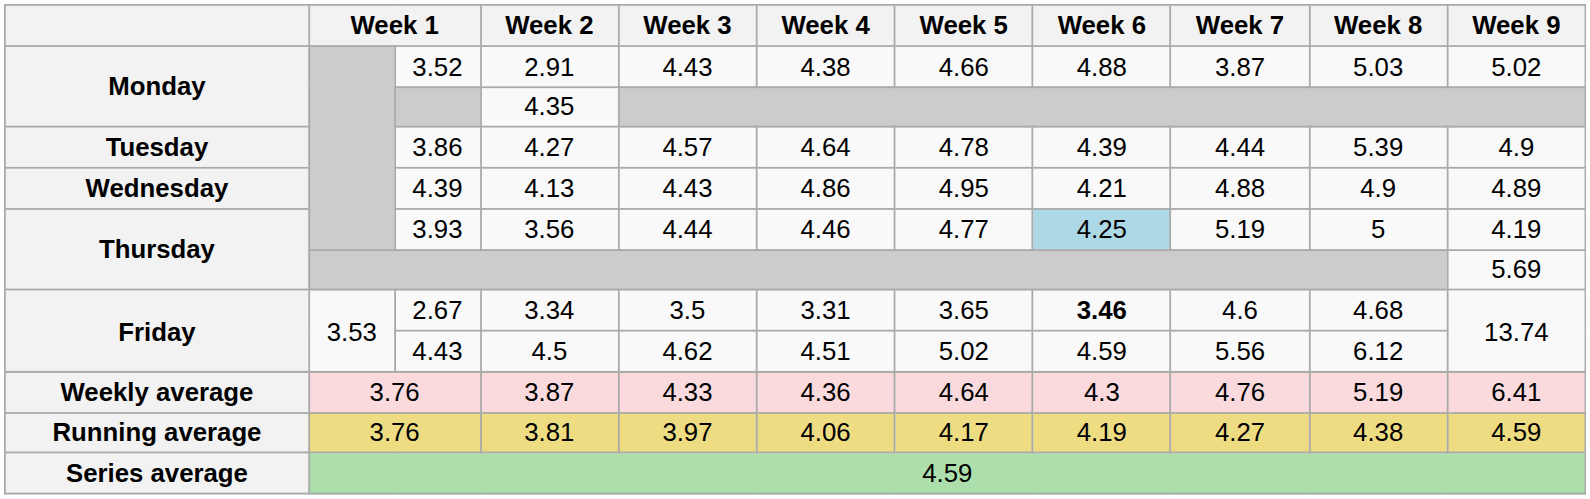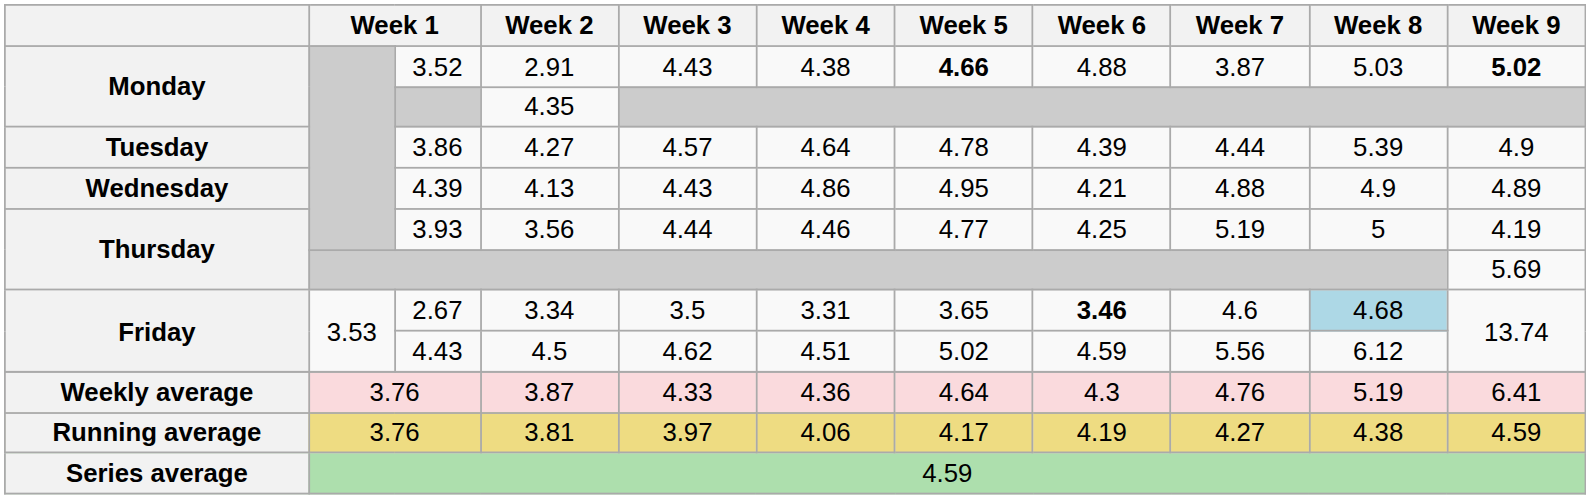 <table class="wikitable" style="font-size:90%; text-align:center; width: 100%; margin-left: auto; margin-right: auto;">
 <tr>
 <th scope="col"></th>
 <th scope="col" colspan="2">Week 1</th>
 <th scope="col">Week 2</th>
 <th scope="col">Week 3</th>
 <th scope="col">Week 4</th>
 <th scope="col">Week 5</th>
 <th scope="col">Week 6</th>
 <th scope="col">Week 7</th>
 <th scope="col">Week 8</th>
 <th scope="col">Week 9</th>
 </tr>
 <tr>
 <th scope="rowgroup" rowspan="2">Monday</th>
 <td rowspan="5" bgcolor=#ccc></td>
 <td>3.52</td>
 <td>2.91</td>
 <td>4.43</td>
 <td>4.38</td>
-<td>4.66</td>
+<td><strong>4.66</strong></td>
 <td>4.88</td>
 <td>3.87</td>
 <td>5.03</td>
-<td>5.02</td>
+<td><strong>5.02</strong></td>
 </tr>
 <tr>
 <td colspan="1" bgcolor=#ccc></td>
 <td>4.35</td>
 <td colspan="7" bgcolor=#ccc></td>
 </tr>
 <tr>
 <th scope="row">Tuesday</th>
 <td>3.86</td>
 <td>4.27</td>
 <td>4.57</td>
 <td>4.64</td>
 <td>4.78</td>
 <td>4.39</td>
 <td>4.44</td>
 <td>5.39</td>
 <td>4.9</td>
 </tr>
 <tr>
 <th scope="row">Wednesday</th>
 <td>4.39</td>
 <td>4.13</td>
 <td>4.43</td>
 <td>4.86</td>
 <td>4.95</td>
 <td>4.21</td>
 <td>4.88</td>
 <td>4.9</td>
 <td>4.89</td>
 </tr>
 <tr>
 <th scope="rowgroup" rowspan="2">Thursday</th>
 <td>3.93</td>
 <td>3.56</td>
 <td>4.44</td>
 <td>4.46</td>
 <td>4.77</td>
-<td style="background: lightblue;">4.25</td>
+<td>4.25</td>
 <td>5.19</td>
 <td>5</td>
 <td>4.19</td>
 </tr>
 <tr>
 <td colspan="9" bgcolor=#ccc></td>
 <td>5.69</td>
 </tr>
 <tr>
 <th scope="rowgroup" rowspan=2>Friday</th>
 <td rowspan="2">3.53</td>
 <td>2.67</td>
 <td>3.34</td>
 <td>3.5</td>
 <td>3.31</td>
 <td>3.65</td>
 <td><strong>3.46</strong></td>
 <td>4.6</td>
-<td>4.68</td>
+<td style="background: lightblue;">4.68</td>
 <td rowspan="2">13.74</td>
 </tr>
 <tr>
 <td>4.43</td>
 <td>4.5</td>
 <td>4.62</td>
 <td>4.51</td>
 <td>5.02</td>
 <td>4.59</td>
 <td>5.56</td>
 <td>6.12</td>
 </tr>
 <tr>
 </tr>
 <tr style="background:#FADADD;" |>
 <th scope="row">Weekly average</th>
 <td colspan="2">3.76</td>
 <td>3.87</td>
 <td>4.33</td>
 <td>4.36</td>
 <td>4.64</td>
 <td>4.3</td>
 <td>4.76</td>
 <td>5.19</td>
 <td>6.41</td>
 </tr>
 <tr style="background:#EEDC82;" |>
 <th scope="row">Running average</th>
 <td colspan="2">3.76</td>
 <td>3.81</td>
 <td>3.97</td>
 <td>4.06</td>
 <td>4.17</td>
 <td>4.19</td>
 <td>4.27</td>
 <td>4.38</td>
 <td>4.59</td>
 </tr>
 <tr style="background:#ADDFAD;" |>
 <th scope="row">Series average</th>
 <td colspan="10">4.59</td>
 </tr>
 </table>
